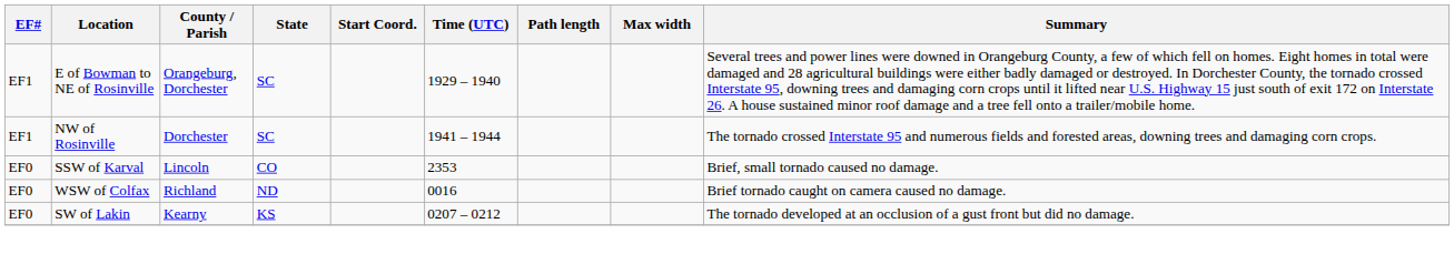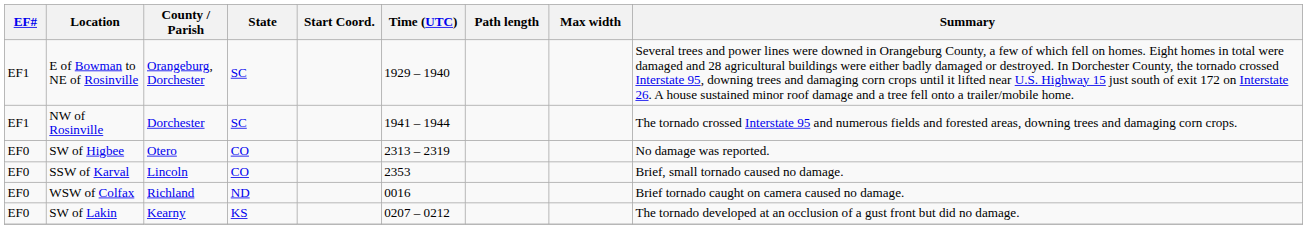 <table class="wikitable sortable" style="width:100%;">
 <tr>
 <th scope="col" width="3%" align="center"><a href='#'>EF#</a></th>
 <th scope="col" width="7%" align="center" class="unsortable">Location</th>
 <th scope="col" width="6%" align="center" class="unsortable">County / Parish</th>
 <th scope="col" width="5%" align="center">State</th>
 <th scope="col" width="6%" align="center">Start Coord.</th>
 <th scope="col" width="6%" align="center">Time (<a href='#'>UTC</a>)</th>
 <th scope="col" width="6%" align="center">Path length</th>
 <th scope="col" width="6%" align="center">Max width</th>
 <th scope="col" width="48%" class="unsortable" align="center">Summary</th>
 </tr>
 <tr>
 <td>EF1</td>
 <td>E of <a href='#'>Bowman</a> to NE of <a href='#'>Rosinville</a></td>
 <td><a href='#'>Orangeburg</a>, <a href='#'>Dorchester</a></td>
 <td><a href='#'>SC</a></td>
 <td></td>
 <td>1929 – 1940</td>
 <td></td>
 <td></td>
 <td>Several trees and power lines were downed in Orangeburg County, a few of which fell on homes. Eight homes in total were damaged and 28 agricultural buildings were either badly damaged or destroyed. In Dorchester County, the tornado crossed <a href='#'>Interstate 95</a>, downing trees and damaging corn crops until it lifted near <a href='#'>U.S. Highway 15</a> just south of exit 172 on <a href='#'>Interstate 26</a>. A house sustained minor roof damage and a tree fell onto a trailer/mobile home.</td>
 </tr>
 <tr>
 <td>EF1</td>
 <td>NW of <a href='#'>Rosinville</a></td>
 <td><a href='#'>Dorchester</a></td>
 <td><a href='#'>SC</a></td>
 <td></td>
 <td>1941 – 1944</td>
 <td></td>
 <td></td>
 <td>The tornado crossed <a href='#'>Interstate 95</a> and numerous fields and forested areas, downing trees and damaging corn crops.</td>
+</tr>
+<tr>
+<td>EF0</td>
+<td>SW of <a href='#'>Higbee</a></td>
+<td><a href='#'>Otero</a></td>
+<td><a href='#'>CO</a></td>
+<td></td>
+<td>2313 – 2319</td>
+<td></td>
+<td></td>
+<td>No damage was reported.</td>
 </tr>
 <tr>
 <td>EF0</td>
 <td>SSW of <a href='#'>Karval</a></td>
 <td><a href='#'>Lincoln</a></td>
 <td><a href='#'>CO</a></td>
 <td></td>
 <td>2353</td>
 <td></td>
 <td></td>
 <td>Brief, small tornado caused no damage.</td>
 </tr>
 <tr>
 <td>EF0</td>
 <td>WSW of <a href='#'>Colfax</a></td>
 <td><a href='#'>Richland</a></td>
 <td><a href='#'>ND</a></td>
 <td></td>
 <td>0016</td>
 <td></td>
 <td></td>
 <td>Brief tornado caught on camera caused no damage.</td>
 </tr>
 <tr>
 <td>EF0</td>
 <td>SW of <a href='#'>Lakin</a></td>
 <td><a href='#'>Kearny</a></td>
 <td><a href='#'>KS</a></td>
 <td></td>
 <td>0207 – 0212</td>
 <td></td>
 <td></td>
 <td>The tornado developed at an occlusion of a gust front but did no damage.</td>
 </tr>
 <tr>
 </tr>
 </table>
